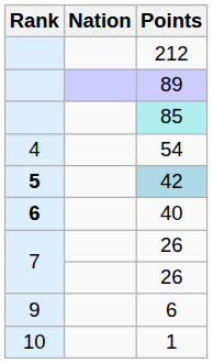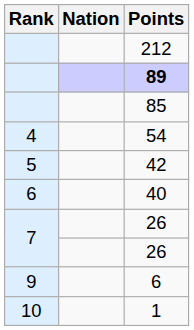 <table class="wikitable sortable" style="text-align:center">
 <tr>
 <th>Rank</th>
 <th>Nation</th>
 <th>Points</th>
 </tr>
 <tr>
 <td bgcolor = DDEEFF></td>
 <td align=left></td>
 <td>212</td>
 </tr>
 <tr style="background-color:#ccccff">
 <td bgcolor = DDEEFF></td>
 <td align=left></td>
-<td>89</td>
+<td><strong>89</strong></td>
 </tr>
 <tr>
 <td bgcolor = DDEEFF></td>
 <td align=left></td>
-<td style="background: paleturquoise;">85</td>
+<td>85</td>
 </tr>
 <tr>
 <td bgcolor = DDEEFF>4</td>
 <td align=left></td>
 <td>54</td>
 </tr>
 <tr>
-<td bgcolor = DDEEFF><strong>5</strong></td>
+<td bgcolor = DDEEFF>5</td>
 <td align=left></td>
-<td style="background: lightblue;">42</td>
+<td>42</td>
 </tr>
 <tr>
-<td bgcolor = DDEEFF><strong>6</strong></td>
+<td bgcolor = DDEEFF>6</td>
 <td align=left></td>
 <td>40</td>
 </tr>
 <tr>
 <td rowspan = "2" bgcolor = DDEEFF>7</td>
 <td align=left></td>
 <td>26</td>
 </tr>
 <tr>
 <td align=left></td>
 <td>26</td>
 </tr>
 <tr>
 <td bgcolor = DDEEFF>9</td>
 <td align=left></td>
 <td>6</td>
 </tr>
 <tr>
 <td bgcolor = DDEEFF>10</td>
 <td align=left></td>
 <td>1</td>
 </tr>
 </table>
